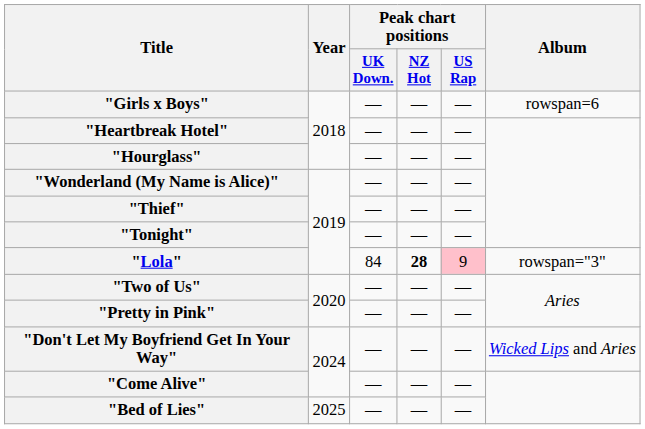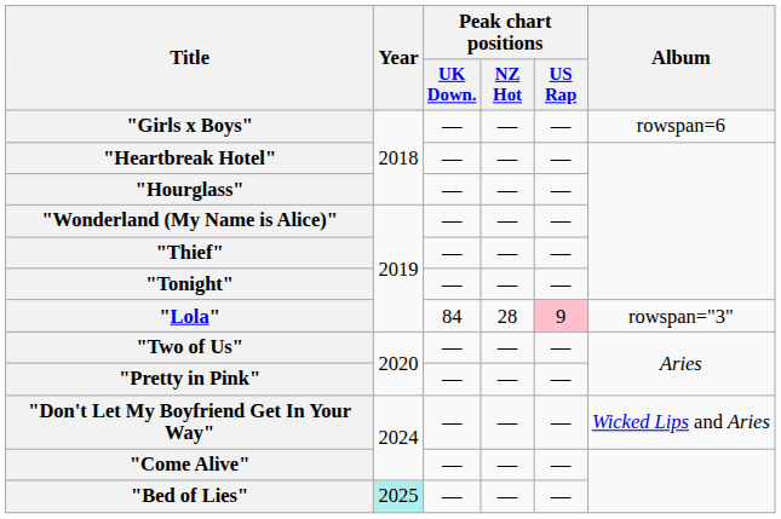 <table class="wikitable plainrowheaders" style="text-align:center;">
 <tr>
 <th scope="col" rowspan="2" style="width:18em;">Title</th>
 <th scope="col" rowspan="2">Year</th>
 <th colspan="3" scope="col">Peak chart positions</th>
 <th scope="col" rowspan="2">Album</th>
 </tr>
 <tr>
 <th scope="col" style="width:2.5em;font-size:90%;"><a href='#'>UK Down.</a><br></th>
 <th scope="col" style="width:2.5em;font-size:90%;"><a href='#'>NZ Hot</a><br></th>
 <th scope="col" style="width:2.5em;font-size:90%;"><a href='#'>US Rap</a><br></th>
 </tr>
 <tr>
 <th scope="row">"Girls x Boys"</th>
 <td rowspan="3">2018</td>
 <td>—</td>
 <td>—</td>
 <td>—</td>
 <td>rowspan=6 </td>
 </tr>
 <tr>
 <th scope="row">"Heartbreak Hotel"</th>
 <td>—</td>
 <td>—</td>
 <td>—</td>
 </tr>
 <tr>
 <th scope="row">"Hourglass"</th>
 <td>—</td>
 <td>—</td>
 <td>—</td>
 </tr>
 <tr>
 <th scope="row">"Wonderland (My Name is Alice)"</th>
 <td rowspan="4">2019</td>
 <td>—</td>
 <td>—</td>
 <td>—</td>
 </tr>
 <tr>
 <th scope="row">"Thief"</th>
 <td>—</td>
 <td>—</td>
 <td>—</td>
 </tr>
 <tr>
 <th scope="row">"Tonight"</th>
 <td>—</td>
 <td>—</td>
 <td>—</td>
 </tr>
 <tr>
 <th scope="row">"<a href='#'>Lola</a>"<br></th>
 <td>84</td>
-<td><strong>28</strong></td>
+<td>28</td>
 <td style="background: pink;">9</td>
 <td>rowspan="3" </td>
 </tr>
 <tr>
 <th scope="row">"Two of Us"</th>
 <td rowspan="2">2020</td>
 <td>—</td>
 <td>—</td>
 <td>—</td>
 <td rowspan="2"><em>Aries</em></td>
 </tr>
 <tr>
 <th scope="row">"Pretty in Pink"</th>
 <td>—</td>
 <td>—</td>
 <td>—</td>
 </tr>
 <tr>
 <th scope="row">"Don't Let My Boyfriend Get In Your Way"</th>
 <td rowspan="2">2024</td>
 <td>—</td>
 <td>—</td>
 <td>—</td>
 <td><em><a href='#'>Wicked Lips</a></em> and <em>Aries</em></td>
 </tr>
 <tr>
 <th scope="row">"Come Alive"</th>
 <td>—</td>
 <td>—</td>
 <td>—</td>
 </tr>
 <tr>
 <th scope="row">"Bed of Lies"</th>
-<td>2025</td>
+<td style="background: paleturquoise;">2025</td>
 <td>—</td>
 <td>—</td>
 <td>—</td>
 </tr>
 </table>
